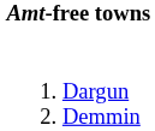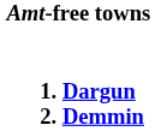 <table>
 <tr ---->
 <th><em>Amt</em>-free towns</th>
 </tr>
 <tr>
-<td valign=top><br><ol><li><a href='#'>Dargun</a></li><li><a href='#'>Demmin</a></li></ol></td>
+<td valign=top><strong><br><ol><li><a href='#'>Dargun</a></li><li><a href='#'>Demmin</a></li></ol></strong></td>
 </tr>
 </table>
